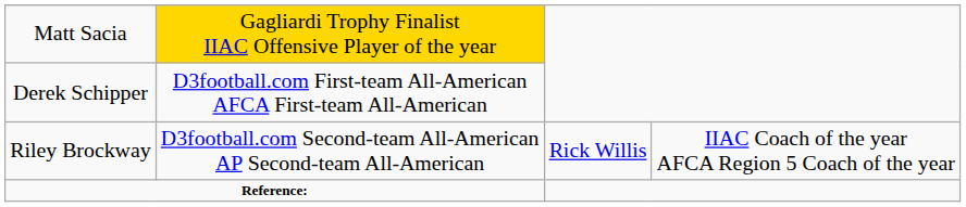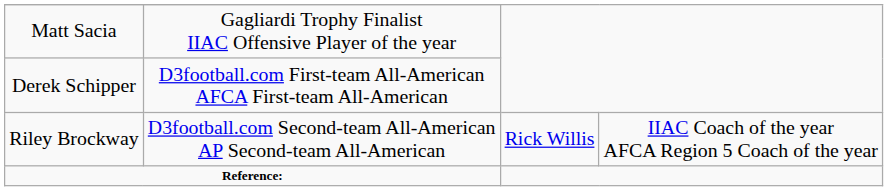 <table class="wikitable sortable sortable" style="text-align: center">
 <tr align=center>
 </tr>
 <tr>
 <td>Matt Sacia</td>
-<td style="background: gold;">Gagliardi Trophy Finalist<br><a href='#'>IIAC</a> Offensive Player of the year</td>
+<td>Gagliardi Trophy Finalist<br><a href='#'>IIAC</a> Offensive Player of the year</td>
 </tr>
 <tr>
 <td>Derek Schipper</td>
 <td><a href='#'>D3football.com</a> First-team All-American<br><a href='#'>AFCA</a> First-team All-American</td>
 </tr>
 <tr>
 <td>Riley Brockway</td>
 <td><a href='#'>D3football.com</a> Second-team All-American<br><a href='#'>AP</a> Second-team All-American<br></td>
 <td><a href='#'>Rick Willis</a></td>
 <td><a href='#'>IIAC</a> Coach of the year<br>AFCA Region 5 Coach of the year</td>
 </tr>
 <tr class="sortbottom">
 <td colspan="2"  style="font-size:8pt; text-align:center;"><strong>Reference:</strong></td>
 </tr>
 </table>
